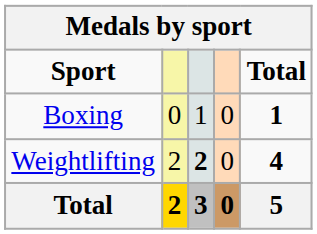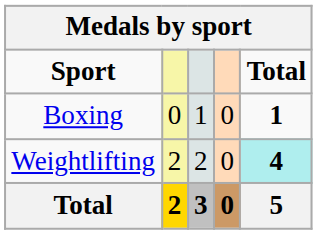 <table class="wikitable" style="font-size:85%; float:right">
 <tr bgcolor=#efefef>
 <th colspan=7>Medals by sport</th>
 </tr>
 <tr align=center>
 <td><strong>Sport</strong></td>
 <td bgcolor=#f7f6a8></td>
 <td bgcolor=#dce5e5></td>
 <td bgcolor=#ffdab9></td>
 <td><strong>Total</strong></td>
 </tr>
 <tr align=center>
 <td><a href='#'>Boxing</a></td>
 <td bgcolor=#f7f6a8>0</td>
 <td bgcolor=#dce5e5>1</td>
 <td bgcolor=#ffdab9>0</td>
 <td><strong>1</strong></td>
 </tr>
 <tr align=center>
 <td><a href='#'>Weightlifting</a></td>
 <td bgcolor=#f7f6a8>2</td>
-<td bgcolor=#dce5e5><strong>2</strong></td>
+<td bgcolor=#dce5e5>2</td>
 <td bgcolor=#ffdab9>0</td>
-<td><strong>4</strong></td>
+<td style="background: paleturquoise;"><strong>4</strong></td>
 </tr>
 <tr align=center>
 <th>Total</th>
 <th style="background:gold;">2</th>
 <th style="background:silver;">3</th>
 <th style="background:#c96;">0</th>
 <th>5</th>
 </tr>
 </table>
